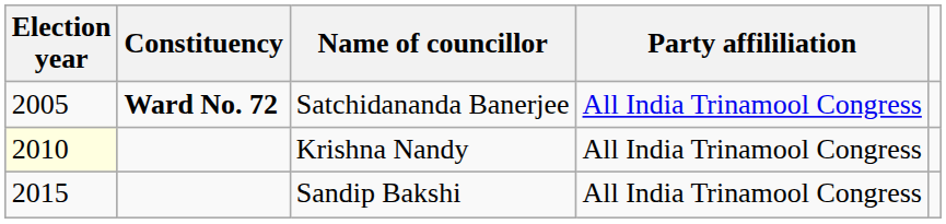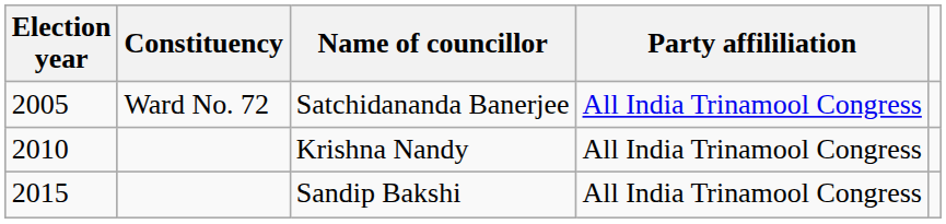 <table class="wikitable"ìÍĦĤĠčw>
 <tr>
 <th>Election<br> year</th>
 <th>Constituency</th>
 <th>Name of councillor</th>
 <th>Party affililiation</th>
 </tr>
 <tr>
 <td>2005</td>
-<td><strong>Ward No. 72</strong></td>
+<td>Ward No. 72</td>
 <td>Satchidananda Banerjee</td>
 <td><a href='#'>All India Trinamool Congress</a></td>
 <td></td>
 </tr>
 <tr>
-<td style="background: lightyellow;">2010</td>
+<td>2010</td>
 <td></td>
 <td>Krishna Nandy</td>
 <td>All India Trinamool Congress</td>
 <td></td>
 </tr>
 <tr>
 <td>2015</td>
 <td></td>
 <td>Sandip Bakshi</td>
 <td>All India Trinamool Congress</td>
 <td></td>
 </tr>
 </table>
